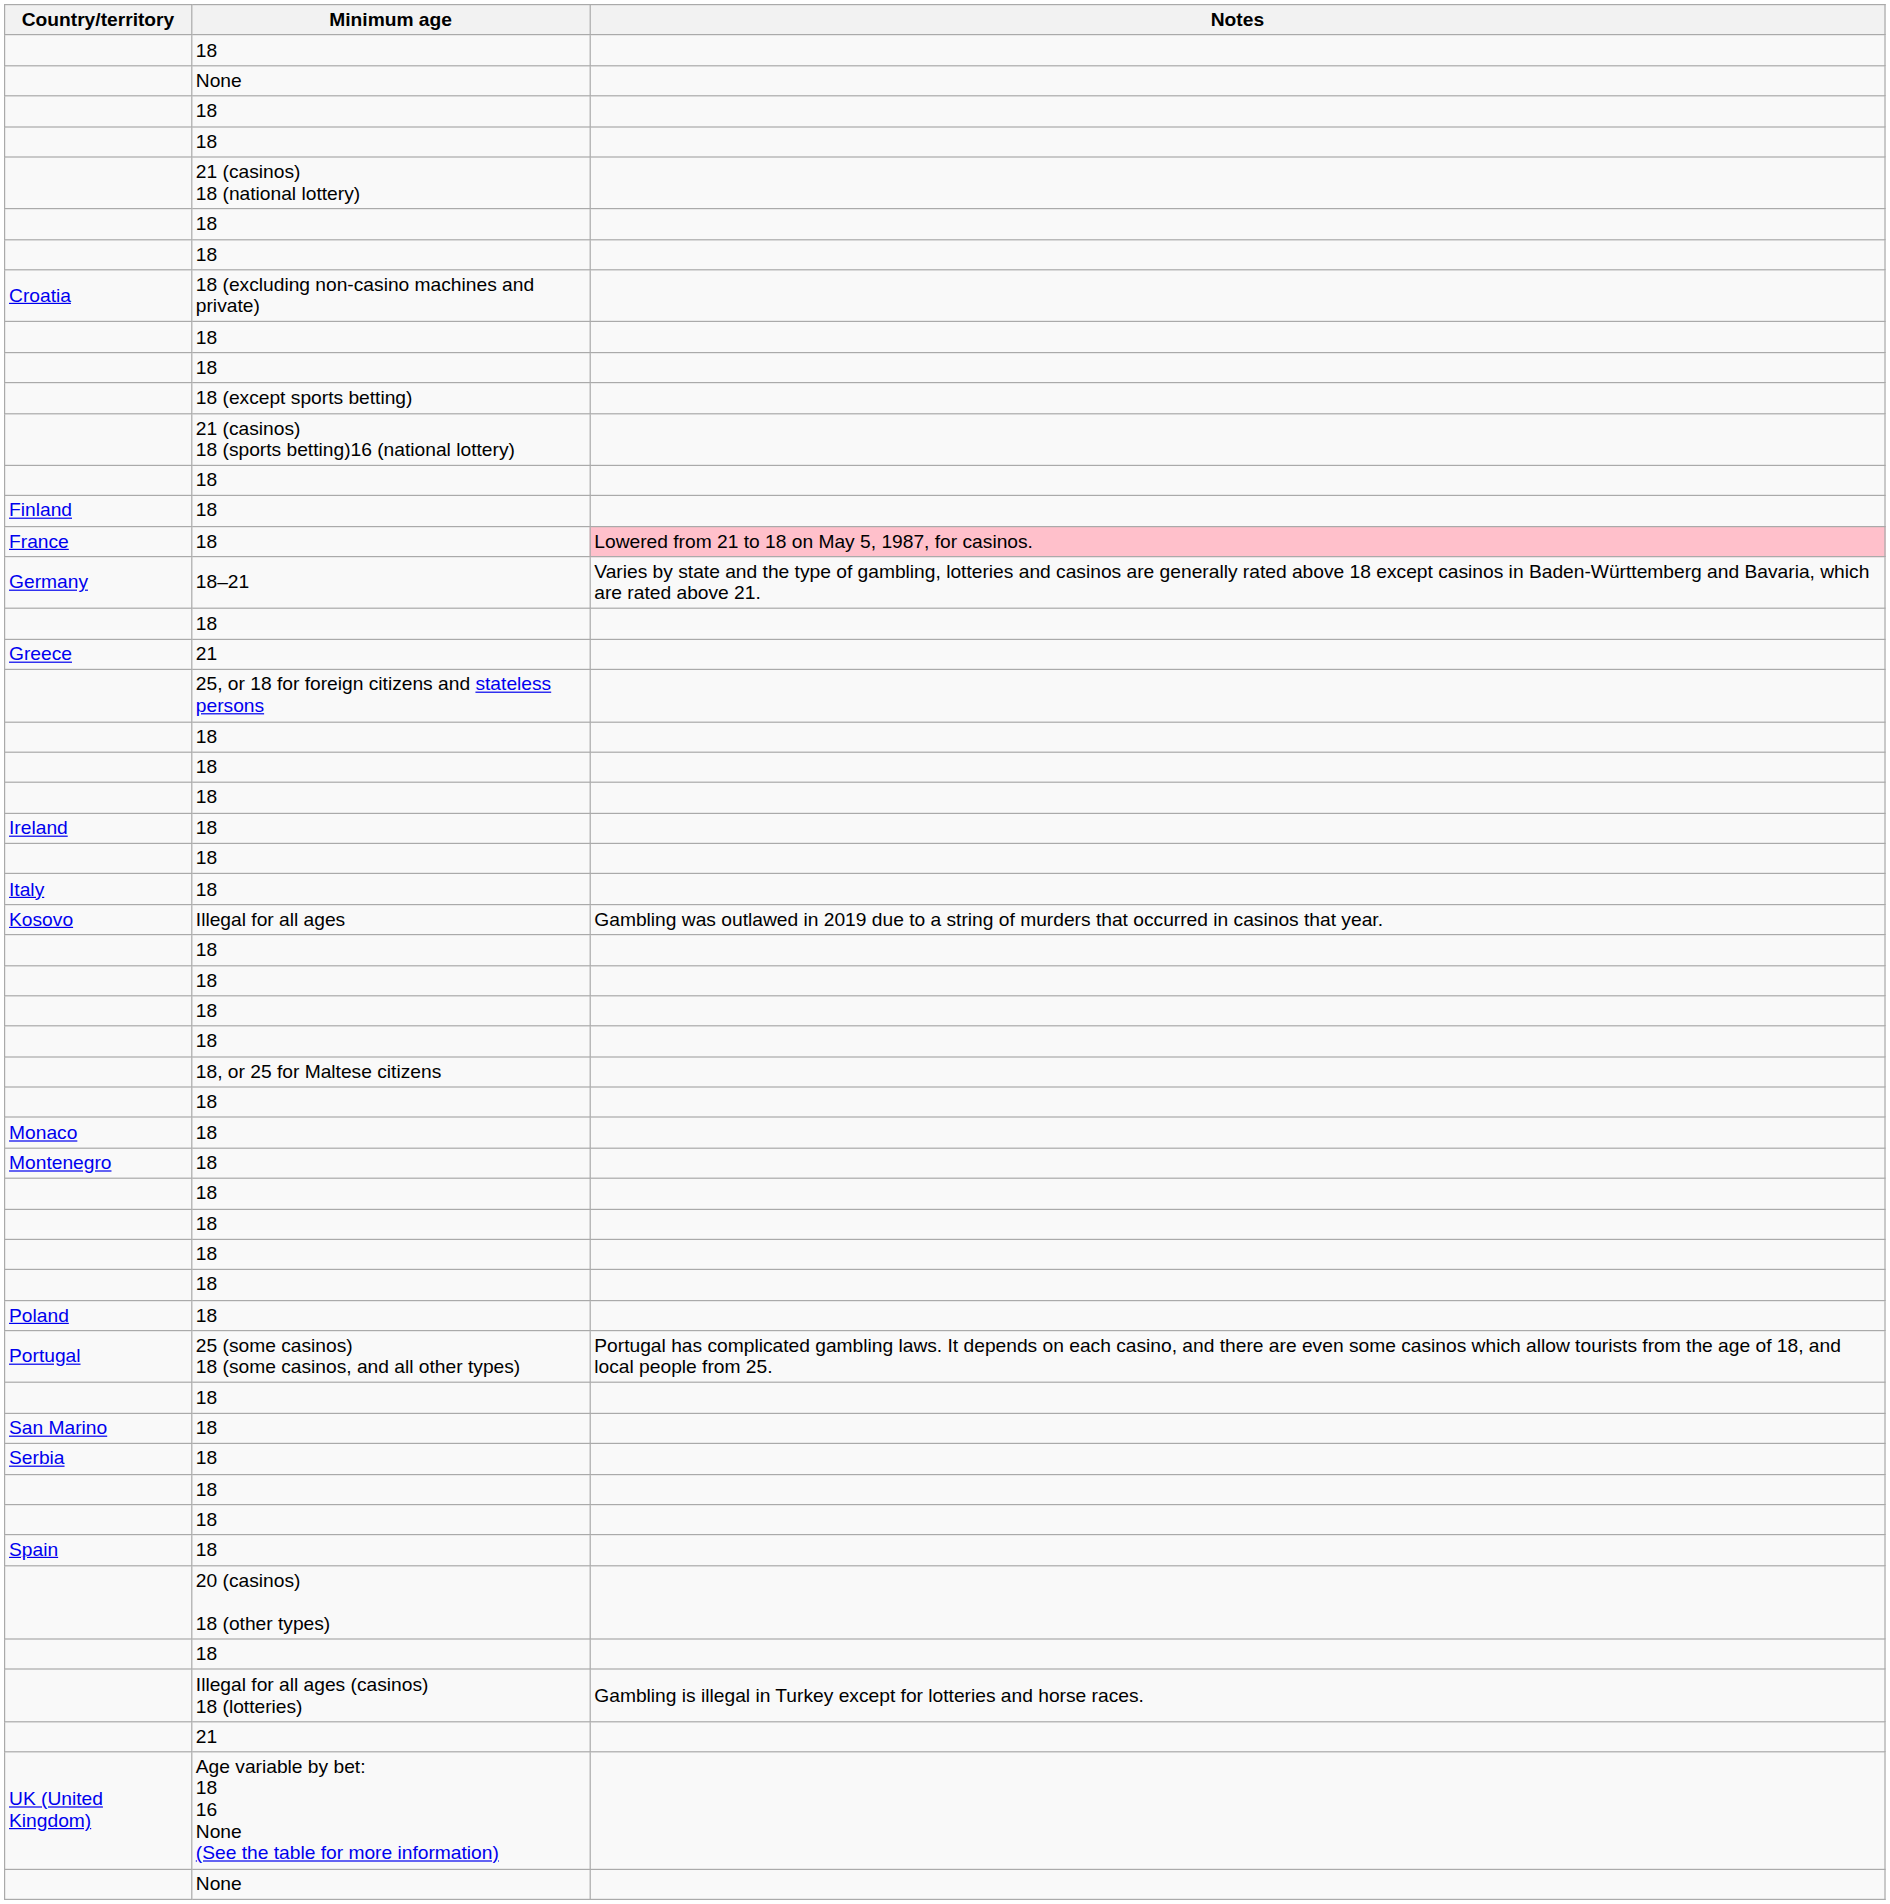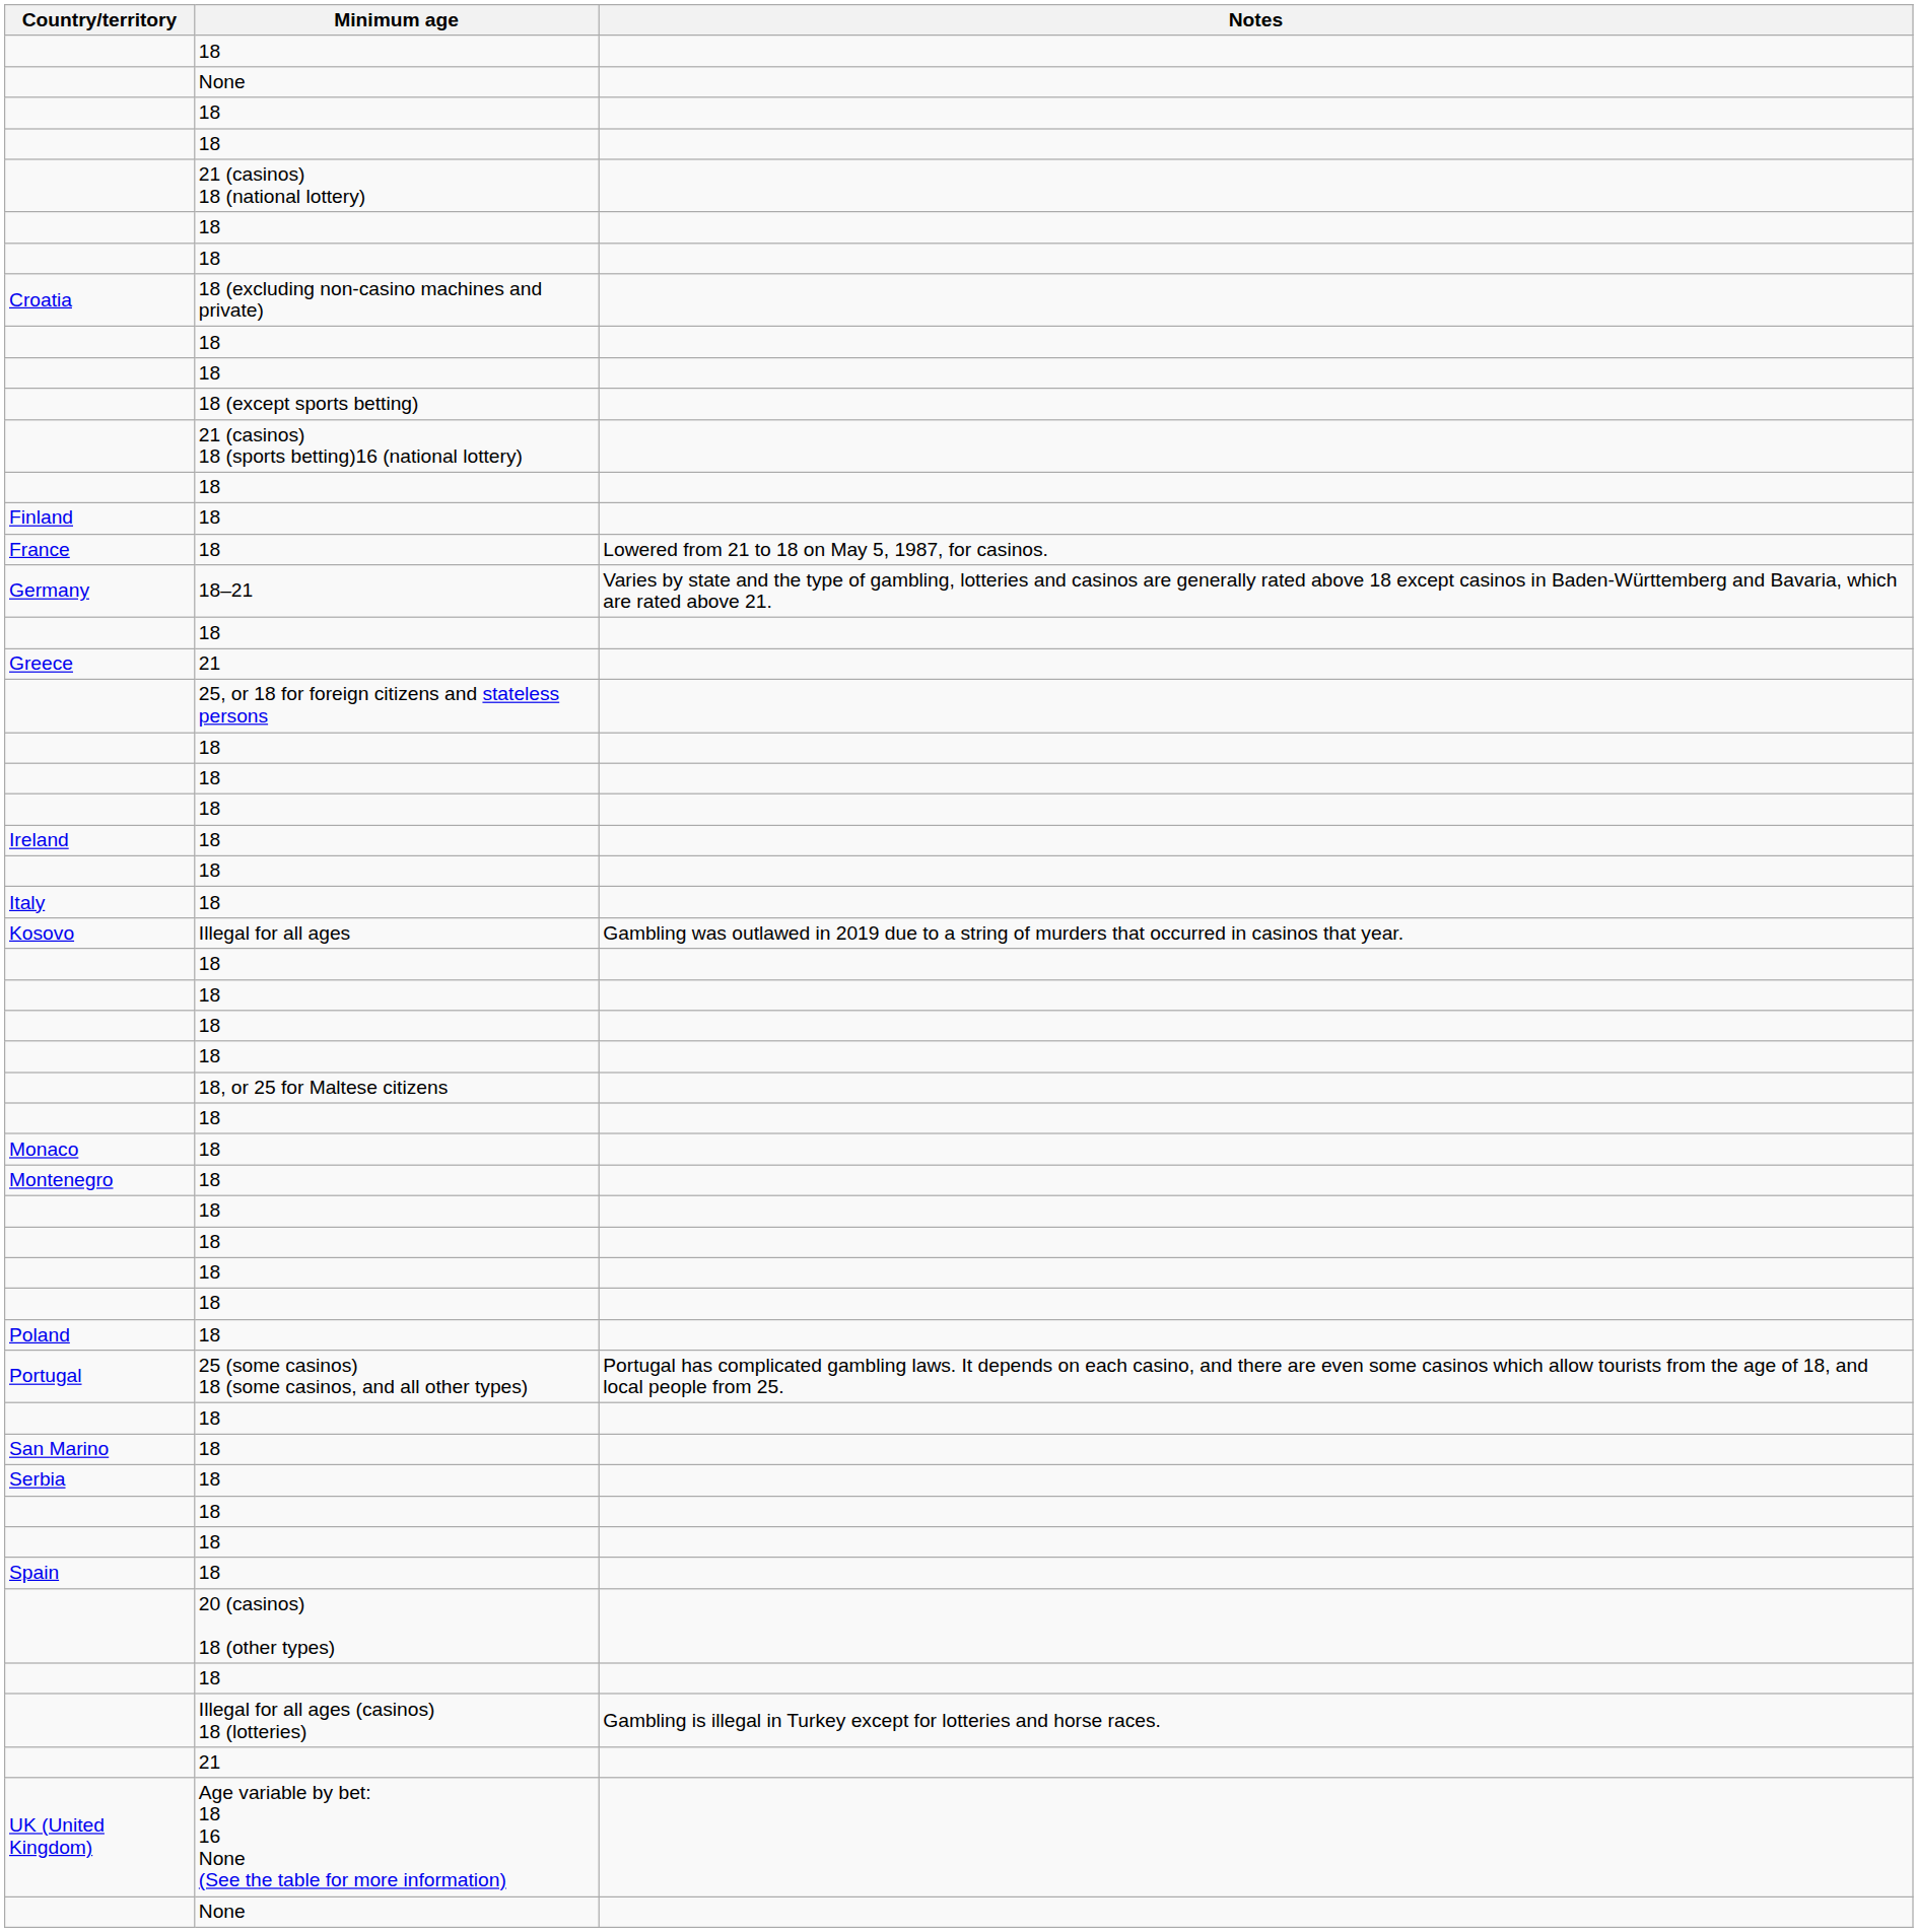 <table class="wikitable sortable">
 <tr>
 <th>Country/territory</th>
 <th>Minimum age</th>
 <th class=unsortable>Notes</th>
 </tr>
 <tr>
 <td></td>
 <td>18</td>
 <td></td>
 </tr>
 <tr>
 <td></td>
 <td>None</td>
 <td></td>
 </tr>
 <tr>
 <td></td>
 <td>18</td>
 <td></td>
 </tr>
 <tr>
 <td></td>
 <td>18</td>
 <td></td>
 </tr>
 <tr>
 <td></td>
 <td>21 (casinos)<br>18 (national lottery)</td>
 <td></td>
 </tr>
 <tr>
 <td></td>
 <td>18</td>
 <td></td>
 </tr>
 <tr>
 <td></td>
 <td>18</td>
 <td></td>
 </tr>
 <tr>
 <td> <a href='#'>Croatia</a></td>
 <td>18 (excluding non-casino machines and private)</td>
 <td></td>
 </tr>
 <tr>
 <td></td>
 <td>18</td>
 <td></td>
 </tr>
 <tr>
 <td></td>
 <td>18</td>
 <td></td>
 </tr>
 <tr>
 <td></td>
 <td>18 (except sports betting)</td>
 <td></td>
 </tr>
 <tr>
 <td></td>
 <td>21 (casinos)<br>18 (sports betting)16 (national lottery)</td>
 <td></td>
 </tr>
 <tr>
 <td></td>
 <td>18</td>
 <td></td>
 </tr>
 <tr>
 <td> <a href='#'>Finland</a></td>
 <td>18</td>
 </tr>
 <tr>
 <td> <a href='#'>France</a></td>
 <td>18</td>
-<td style="background: pink;">Lowered from 21 to 18 on May 5, 1987, for casinos.</td>
+<td>Lowered from 21 to 18 on May 5, 1987, for casinos.</td>
 </tr>
 <tr>
 <td> <a href='#'>Germany</a></td>
 <td>18–21</td>
 <td>Varies by state and the type of gambling, lotteries and casinos are generally rated above 18 except casinos in Baden-Württemberg and Bavaria, which are rated above 21.</td>
 </tr>
 <tr>
 <td></td>
 <td>18</td>
 <td></td>
 </tr>
 <tr>
 <td> <a href='#'>Greece</a></td>
 <td>21</td>
 <td></td>
 </tr>
 <tr>
 <td></td>
 <td>25, or 18 for foreign citizens and <a href='#'>stateless persons</a></td>
 <td></td>
 </tr>
 <tr>
 <td></td>
 <td>18</td>
 <td></td>
 </tr>
 <tr>
 <td></td>
 <td>18</td>
 <td></td>
 </tr>
 <tr>
 <td></td>
 <td>18</td>
 <td></td>
 </tr>
 <tr>
 <td> <a href='#'>Ireland</a></td>
 <td>18</td>
 <td></td>
 </tr>
 <tr>
 <td></td>
 <td>18</td>
 <td></td>
 </tr>
 <tr>
 <td> <a href='#'>Italy</a></td>
 <td>18</td>
 <td></td>
 </tr>
 <tr>
 <td> <a href='#'>Kosovo</a></td>
 <td>Illegal for all ages</td>
 <td>Gambling was outlawed in 2019 due to a string of murders that occurred in casinos that year.</td>
 </tr>
 <tr>
 <td></td>
 <td>18</td>
 <td></td>
 </tr>
 <tr>
 <td></td>
 <td>18</td>
 <td></td>
 </tr>
 <tr>
 <td></td>
 <td>18</td>
 <td></td>
 </tr>
 <tr>
 <td></td>
 <td>18</td>
 <td></td>
 </tr>
 <tr>
 <td></td>
 <td>18, or 25 for Maltese citizens</td>
 <td></td>
 </tr>
 <tr>
 <td></td>
 <td>18</td>
 <td></td>
 </tr>
 <tr>
 <td> <a href='#'>Monaco</a></td>
 <td>18</td>
 <td></td>
 </tr>
 <tr>
 <td> <a href='#'>Montenegro</a></td>
 <td>18</td>
 <td></td>
 </tr>
 <tr>
 <td></td>
 <td>18</td>
 <td></td>
 </tr>
 <tr>
 <td></td>
 <td>18</td>
 <td></td>
 </tr>
 <tr>
 <td></td>
 <td>18</td>
 <td></td>
 </tr>
 <tr>
 <td></td>
 <td>18</td>
 <td></td>
 </tr>
 <tr>
 <td> <a href='#'>Poland</a></td>
 <td>18</td>
 <td></td>
 </tr>
 <tr>
 <td> <a href='#'>Portugal</a></td>
 <td>25 (some casinos)<br>18 (some casinos, and all other types)</td>
 <td>Portugal has complicated gambling laws. It depends on each casino, and there are even some casinos which allow tourists from the age of 18, and local people from 25.</td>
 </tr>
 <tr>
 <td></td>
 <td>18</td>
 <td></td>
 </tr>
 <tr>
 <td> <a href='#'>San Marino</a></td>
 <td>18</td>
 <td></td>
 </tr>
 <tr>
 <td> <a href='#'>Serbia</a></td>
 <td>18</td>
 <td></td>
 </tr>
 <tr>
 <td></td>
 <td>18</td>
 <td></td>
 </tr>
 <tr>
 <td></td>
 <td>18</td>
 <td></td>
 </tr>
 <tr>
 <td> <a href='#'>Spain</a></td>
 <td>18</td>
 <td></td>
 </tr>
 <tr>
 <td></td>
 <td>20 (casinos) <br><br>18 (other types)</td>
 <td></td>
 </tr>
 <tr>
 <td></td>
 <td>18</td>
 <td></td>
 </tr>
 <tr>
 <td></td>
 <td>Illegal for all ages (casinos)<br> 18 (lotteries)</td>
 <td>Gambling is illegal in Turkey except for lotteries and horse races.</td>
 </tr>
 <tr>
 <td></td>
 <td>21</td>
 <td></td>
 </tr>
 <tr>
 <td> <a href='#'>UK (United Kingdom)</a></td>
 <td>Age variable by bet:<br>18 <br>16<br>None<br><a href='#'>(See the table for more information)</a></td>
 <td></td>
 </tr>
 <tr>
 <td></td>
 <td>None</td>
 <td></td>
 </tr>
 </table>
